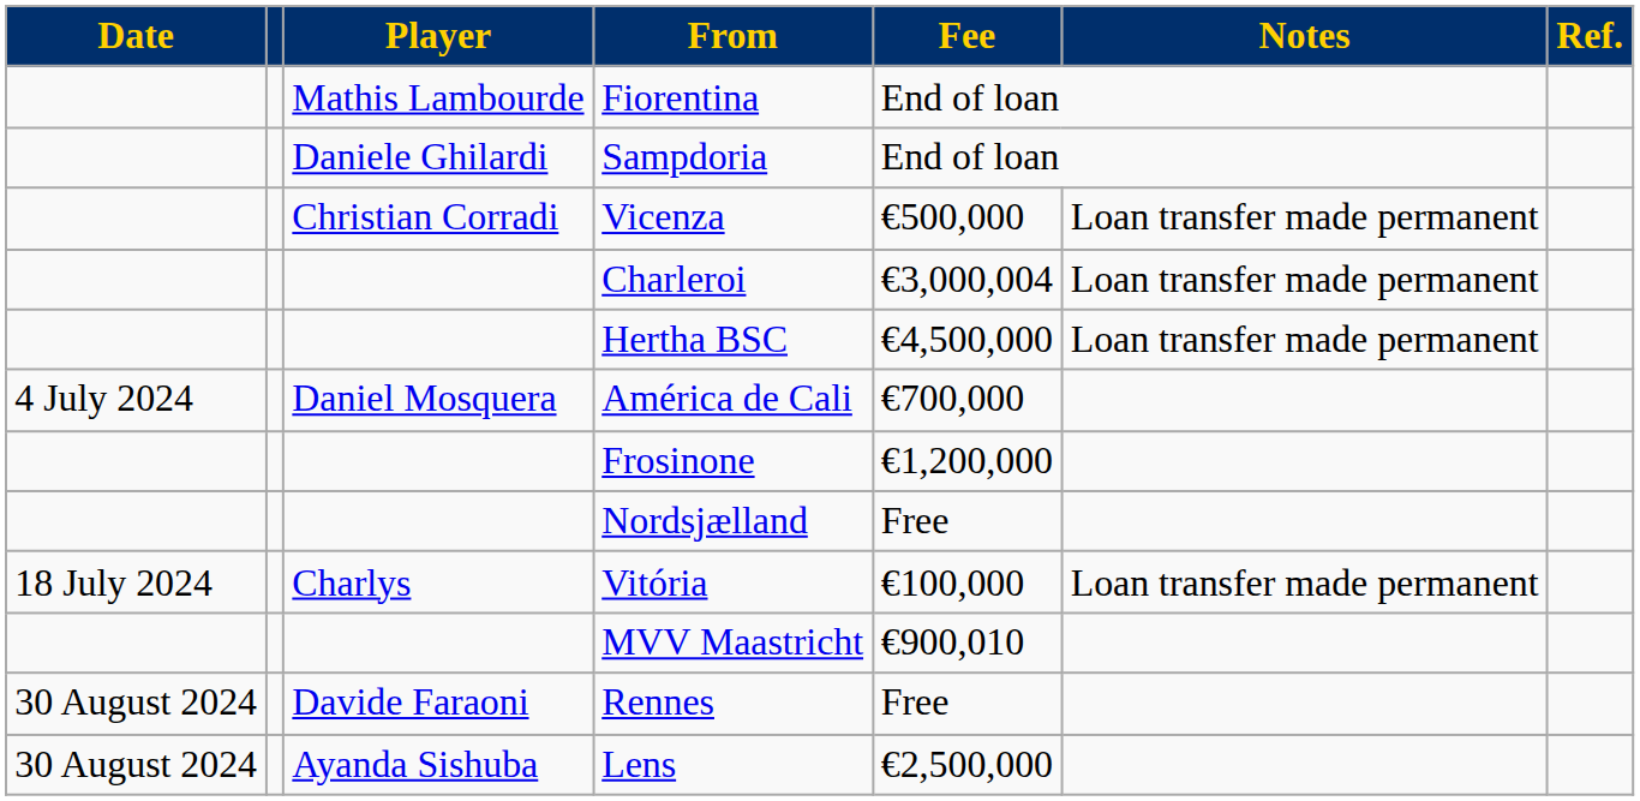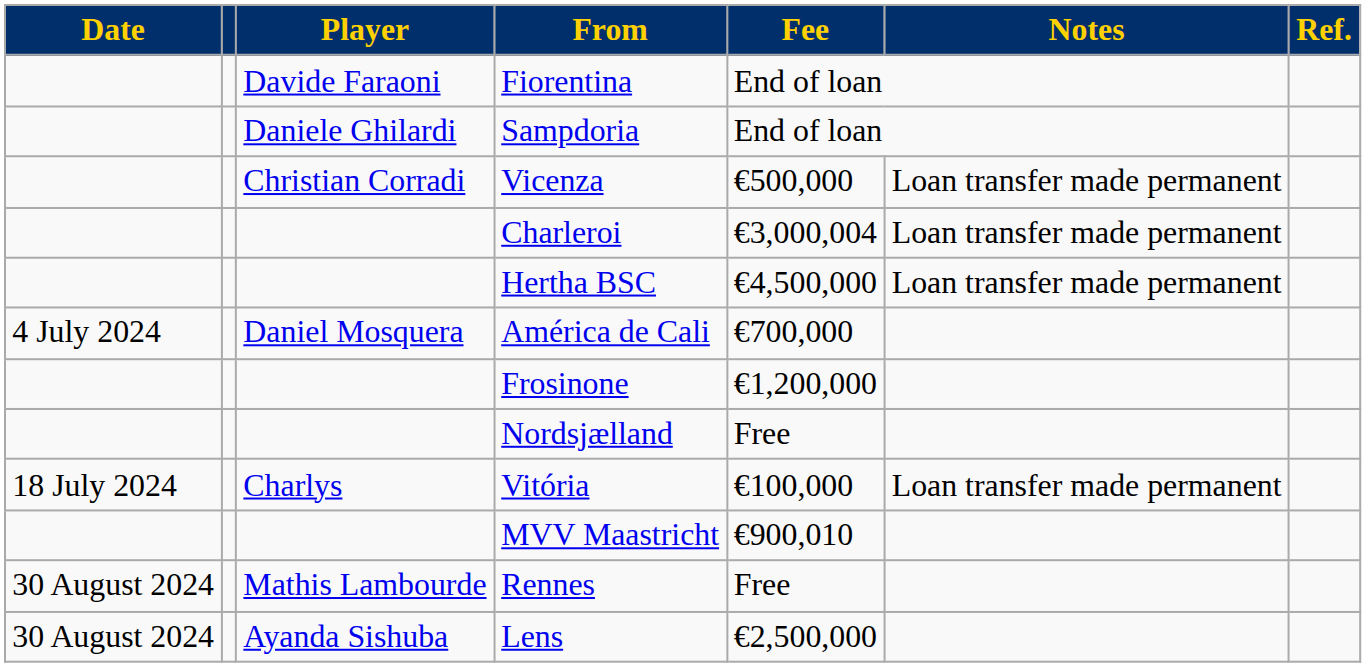 <table class="wikitable plainrowheaders">
 <tr>
 <th style="background:#002F6C;color:#FFD100">Date</th>
 <th style="background:#002F6C;color:#FFD100"></th>
 <th style="background:#002F6C;color:#FFD100">Player</th>
 <th style="background:#002F6C;color:#FFD100">From</th>
 <th style="background:#002F6C;color:#FFD100">Fee</th>
 <th style="background:#002F6C;color:#FFD100">Notes</th>
 <th style="background:#002F6C;color:#FFD100">Ref.</th>
 </tr>
 <tr>
 <td></td>
 <td align="center"></td>
-<td> <a href='#'>Mathis Lambourde</a></td>
+<td> <a href='#'>Davide Faraoni</a></td>
 <td> <a href='#'>Fiorentina</a></td>
 <td colspan="2">End of loan</td>
 <td></td>
 </tr>
 <tr>
 <td></td>
 <td align="center"></td>
 <td> <a href='#'>Daniele Ghilardi</a></td>
 <td> <a href='#'>Sampdoria</a></td>
 <td colspan="2">End of loan</td>
 <td></td>
 </tr>
 <tr>
 <td></td>
 <td align="center"></td>
 <td> <a href='#'>Christian Corradi</a></td>
 <td> <a href='#'>Vicenza</a></td>
 <td>€500,000</td>
 <td>Loan transfer made permanent</td>
 <td></td>
 </tr>
 <tr>
 <td></td>
 <td align="center"></td>
 <td></td>
 <td> <a href='#'>Charleroi</a></td>
 <td>€3,000,004</td>
 <td>Loan transfer made permanent</td>
 <td align="center"></td>
 </tr>
 <tr>
 <td></td>
 <td align="center"></td>
 <td></td>
 <td> <a href='#'>Hertha BSC</a></td>
 <td>€4,500,000</td>
 <td>Loan transfer made permanent</td>
 <td align="center"> </td>
 </tr>
 <tr>
 <td>4 July 2024</td>
 <td align="center"></td>
 <td> <a href='#'>Daniel Mosquera</a></td>
 <td> <a href='#'>América de Cali</a></td>
 <td>€700,000</td>
 <td></td>
 <td align="center"></td>
 </tr>
 <tr>
 <td></td>
 <td align="center"></td>
 <td> </td>
 <td> <a href='#'>Frosinone</a></td>
 <td>€1,200,000</td>
 <td></td>
 <td align="center"> </td>
 </tr>
 <tr>
 <td></td>
 <td align="center"></td>
 <td> </td>
 <td> <a href='#'>Nordsjælland</a></td>
 <td>Free</td>
 <td></td>
 <td align="center"></td>
 </tr>
 <tr>
 <td>18 July 2024</td>
 <td></td>
 <td> <a href='#'>Charlys</a></td>
 <td> <a href='#'>Vitória</a></td>
 <td>€100,000</td>
 <td>Loan transfer made permanent</td>
 <td></td>
 </tr>
 <tr>
 <td></td>
 <td align="center"></td>
 <td> </td>
 <td> <a href='#'>MVV Maastricht</a></td>
 <td>€900,010</td>
 <td></td>
 <td align="center"></td>
 </tr>
 <tr>
 <td>30 August 2024</td>
 <td align="center"></td>
-<td> <a href='#'>Davide Faraoni</a></td>
+<td> <a href='#'>Mathis Lambourde</a></td>
 <td> <a href='#'>Rennes</a></td>
 <td>Free</td>
 <td></td>
 <td align="center"></td>
 </tr>
 <tr>
 <td>30 August 2024</td>
 <td align="center"></td>
 <td> <a href='#'>Ayanda Sishuba</a></td>
 <td> <a href='#'>Lens</a></td>
 <td>€2,500,000</td>
 <td></td>
 <td align="center"></td>
 </tr>
 </table>
